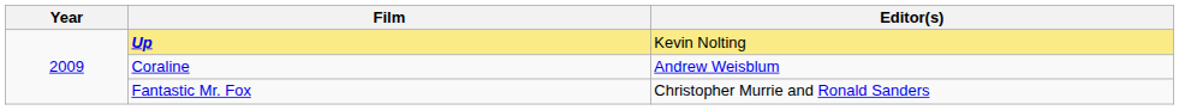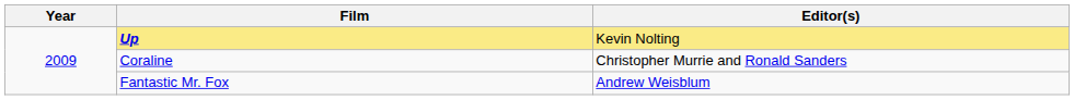 <table class="wikitable" width="95%" cellpadding="5">
 <tr>
 <th width="100"><strong>Year</strong></th>
 <th width="450"><strong>Film</strong></th>
 <th width="450"><strong>Editor(s)</strong></th>
 </tr>
 <tr>
 <td rowspan="3" style="text-align:center;"><a href='#'>2009</a><br></td>
 <td style="background:#FAEB86;"><strong><em><a href='#'>Up</a><em> <strong></td>
 <td style="background:#FAEB86;"></strong>Kevin Nolting<strong></td>
 </tr>
 <tr>
 <td></em><a href='#'>Coraline</a><em></td>
-<td><a href='#'>Andrew Weisblum</a></td>
+<td>Christopher Murrie and <a href='#'>Ronald Sanders</a></td>
 </tr>
 <tr>
 <td></em><a href='#'>Fantastic Mr. Fox</a><em></td>
-<td>Christopher Murrie and <a href='#'>Ronald Sanders</a></td>
+<td><a href='#'>Andrew Weisblum</a></td>
 </tr>
 </table>
